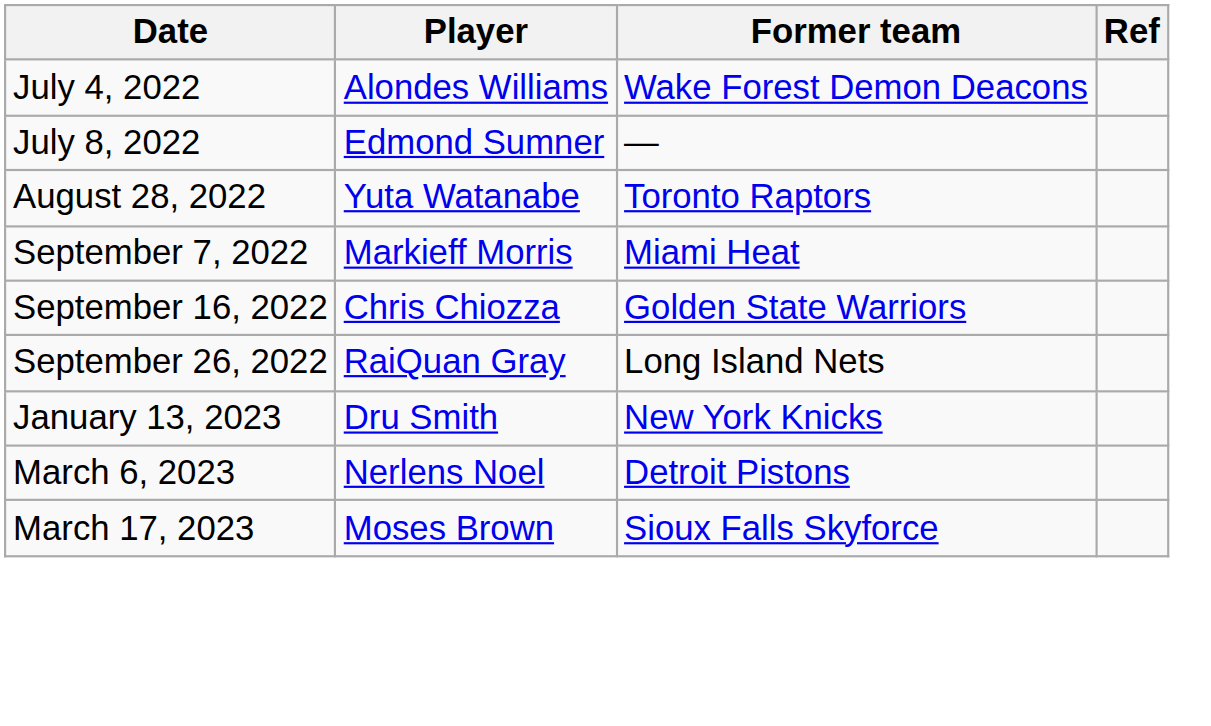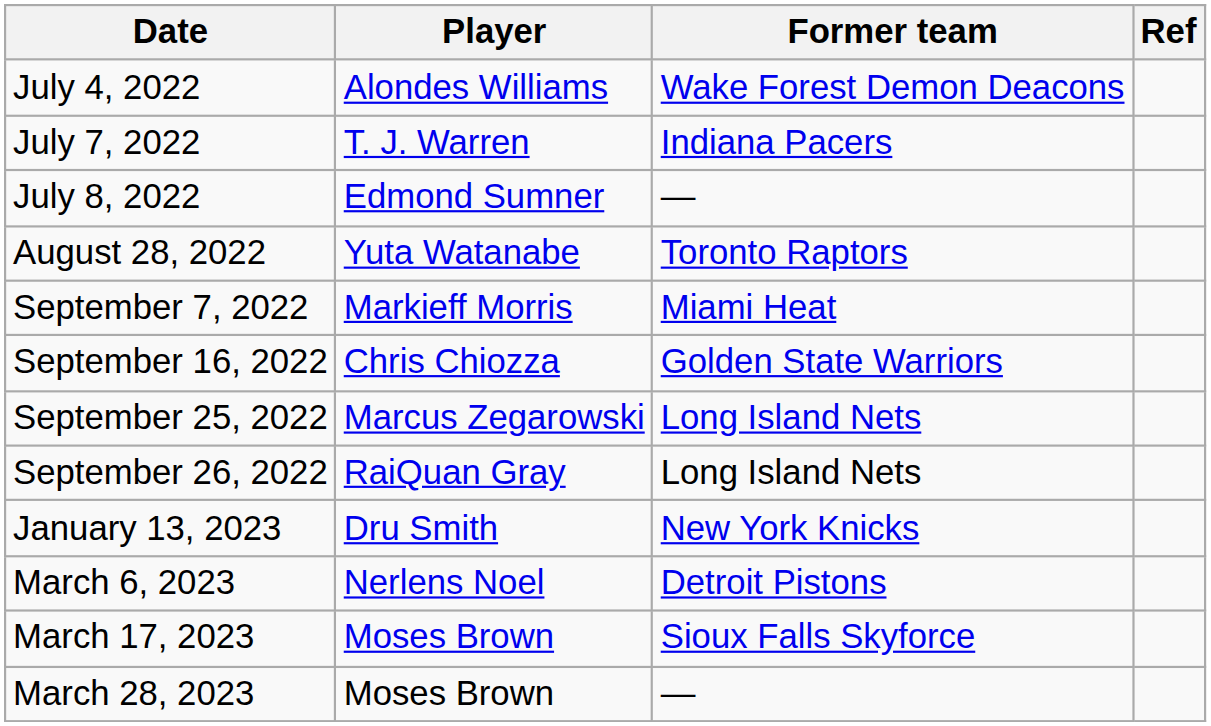 <table class="wikitable" style="text-align:left;">
 <tr>
 <th>Date</th>
 <th>Player</th>
 <th>Former team</th>
 <th>Ref</th>
 </tr>
 <tr>
 <td>July 4, 2022</td>
 <td><a href='#'>Alondes Williams</a></td>
 <td><a href='#'>Wake Forest Demon Deacons</a></td>
+<td></td>
+</tr>
+<tr>
+<td>July 7, 2022</td>
+<td><a href='#'>T. J. Warren</a></td>
+<td><a href='#'>Indiana Pacers</a></td>
 <td></td>
 </tr>
 <tr>
 <td>July 8, 2022</td>
 <td><a href='#'>Edmond Sumner</a></td>
 <td>—</td>
 <td></td>
 </tr>
 <tr>
 <td>August 28, 2022</td>
 <td><a href='#'>Yuta Watanabe</a></td>
 <td><a href='#'>Toronto Raptors</a></td>
 <td></td>
 </tr>
 <tr>
 <td>September 7, 2022</td>
 <td><a href='#'>Markieff Morris</a></td>
 <td><a href='#'>Miami Heat</a></td>
 <td></td>
 </tr>
 <tr>
 <td>September 16, 2022</td>
 <td><a href='#'>Chris Chiozza</a></td>
 <td><a href='#'>Golden State Warriors</a></td>
 <td></td>
 </tr>
 <tr>
+<td>September 25, 2022</td>
+<td><a href='#'>Marcus Zegarowski</a></td>
+<td><a href='#'>Long Island Nets</a></td>
+<td></td>
+</tr>
+<tr>
 <td>September 26, 2022</td>
 <td><a href='#'>RaiQuan Gray</a></td>
 <td>Long Island Nets</td>
 <td></td>
 </tr>
 <tr>
 <td>January 13, 2023</td>
 <td><a href='#'>Dru Smith</a></td>
 <td><a href='#'>New York Knicks</a></td>
 <td></td>
 </tr>
 <tr>
 <td>March 6, 2023</td>
 <td><a href='#'>Nerlens Noel</a></td>
 <td><a href='#'>Detroit Pistons</a></td>
 <td></td>
 </tr>
 <tr>
 <td>March 17, 2023</td>
 <td><a href='#'>Moses Brown</a></td>
 <td><a href='#'>Sioux Falls Skyforce</a></td>
 <td></td>
 </tr>
+<tr>
+<td>March 28, 2023</td>
+<td>Moses Brown</td>
+<td>—</td>
+<td></td>
+</tr>
 </table>
